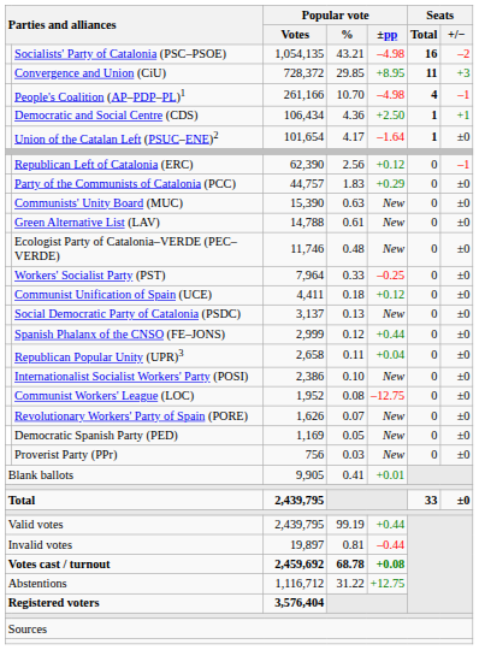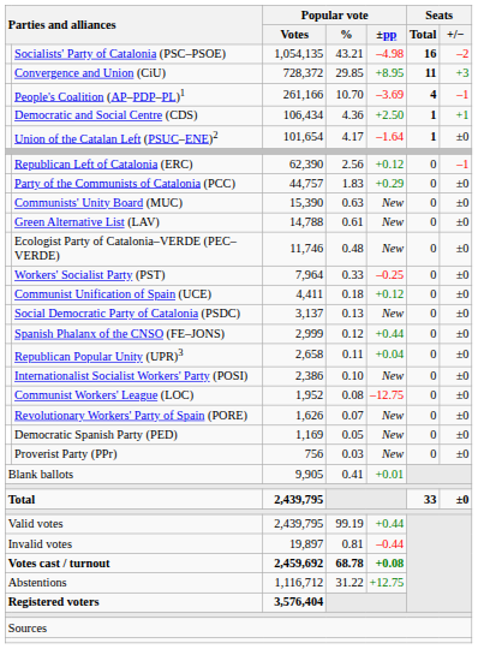 <table class="wikitable" style="text-align:right;">
 <tr>
 <th style="text-align:left;" rowspan="2" colspan="2" width="525">Parties and alliances</th>
 <th colspan="3">Popular vote</th>
 <th colspan="2">Seats</th>
 </tr>
 <tr>
 <th width="75">Votes</th>
 <th width="45">%</th>
 <th width="45">±<a href='#'>pp</a></th>
 <th width="35">Total</th>
 <th width="35">+/−</th>
 </tr>
 <tr>
 <td width="1" style="color:inherit;background:"></td>
 <td align="left"><a href='#'>Socialists' Party of Catalonia</a> (PSC–PSOE)</td>
 <td>1,054,135</td>
 <td>43.21</td>
 <td style="color:red;">–4.98</td>
 <td><strong>16</strong></td>
 <td style="color:red;">–2</td>
 </tr>
 <tr>
 <td style="color:inherit;background:"></td>
 <td align="left"><a href='#'>Convergence and Union</a> (CiU)</td>
 <td>728,372</td>
 <td>29.85</td>
 <td style="color:green;">+8.95</td>
 <td><strong>11</strong></td>
 <td style="color:green;">+3</td>
 </tr>
 <tr>
 <td style="color:inherit;background:"></td>
 <td align="left"><a href='#'>People's Coalition</a> (<a href='#'>AP</a>–<a href='#'>PDP</a>–<a href='#'>PL</a>)<sup>1</sup></td>
 <td>261,166</td>
 <td>10.70</td>
-<td style="color:red;">–4.98</td>
+<td style="color:red;">–3.69</td>
 <td><strong>4</strong></td>
 <td style="color:red;">–1</td>
 </tr>
 <tr>
 <td style="color:inherit;background:"></td>
 <td align="left"><a href='#'>Democratic and Social Centre</a> (CDS)</td>
 <td>106,434</td>
 <td>4.36</td>
 <td style="color:green;">+2.50</td>
 <td><strong>1</strong></td>
 <td style="color:green;">+1</td>
 </tr>
 <tr>
 <td style="color:inherit;background:"></td>
 <td align="left"><a href='#'>Union of the Catalan Left</a> (<a href='#'>PSUC</a>–<a href='#'>ENE</a>)<sup>2</sup></td>
 <td>101,654</td>
 <td>4.17</td>
 <td style="color:red;">–1.64</td>
 <td><strong>1</strong></td>
 <td>±0</td>
 </tr>
 <tr>
 <td colspan="7" bgcolor="#C0C0C0"></td>
 </tr>
 <tr>
 <td style="color:inherit;background:"></td>
 <td align="left"><a href='#'>Republican Left of Catalonia</a> (ERC)</td>
 <td>62,390</td>
 <td>2.56</td>
 <td style="color:green;">+0.12</td>
 <td>0</td>
 <td style="color:red;">–1</td>
 </tr>
 <tr>
 <td style="color:inherit;background:"></td>
 <td align="left"><a href='#'>Party of the Communists of Catalonia</a> (PCC)</td>
 <td>44,757</td>
 <td>1.83</td>
 <td style="color:green;">+0.29</td>
 <td>0</td>
 <td>±0</td>
 </tr>
 <tr>
 <td style="color:inherit;background:"></td>
 <td align="left"><a href='#'>Communists' Unity Board</a> (MUC)</td>
 <td>15,390</td>
 <td>0.63</td>
 <td><em>New</em></td>
 <td>0</td>
 <td>±0</td>
 </tr>
 <tr>
 <td style="color:inherit;background:"></td>
 <td align="left"><a href='#'>Green Alternative List</a> (LAV)</td>
 <td>14,788</td>
 <td>0.61</td>
 <td><em>New</em></td>
 <td>0</td>
 <td>±0</td>
 </tr>
 <tr>
 <td style="color:inherit;background:"></td>
 <td align="left">Ecologist Party of Catalonia–VERDE (PEC–VERDE)</td>
 <td>11,746</td>
 <td>0.48</td>
 <td><em>New</em></td>
 <td>0</td>
 <td>±0</td>
 </tr>
 <tr>
 <td style="color:inherit;background:"></td>
 <td align="left"><a href='#'>Workers' Socialist Party</a> (PST)</td>
 <td>7,964</td>
 <td>0.33</td>
 <td style="color:red;">–0.25</td>
 <td>0</td>
 <td>±0</td>
 </tr>
 <tr>
 <td style="color:inherit;background:"></td>
 <td align="left"><a href='#'>Communist Unification of Spain</a> (UCE)</td>
 <td>4,411</td>
 <td>0.18</td>
 <td style="color:green;">+0.12</td>
 <td>0</td>
 <td>±0</td>
 </tr>
 <tr>
 <td style="color:inherit;background:"></td>
 <td align="left"><a href='#'>Social Democratic Party of Catalonia</a> (PSDC)</td>
 <td>3,137</td>
 <td>0.13</td>
 <td><em>New</em></td>
 <td>0</td>
 <td>±0</td>
 </tr>
 <tr>
 <td style="color:inherit;background:"></td>
 <td align="left"><a href='#'>Spanish Phalanx of the CNSO</a> (FE–JONS)</td>
 <td>2,999</td>
 <td>0.12</td>
 <td style="color:green;">+0.44</td>
 <td>0</td>
 <td>±0</td>
 </tr>
 <tr>
 <td style="color:inherit;background:"></td>
 <td align="left"><a href='#'>Republican Popular Unity</a> (UPR)<sup>3</sup></td>
 <td>2,658</td>
 <td>0.11</td>
 <td style="color:green;">+0.04</td>
 <td>0</td>
 <td>±0</td>
 </tr>
 <tr>
 <td style="color:inherit;background:"></td>
 <td align="left"><a href='#'>Internationalist Socialist Workers' Party</a> (POSI)</td>
 <td>2,386</td>
 <td>0.10</td>
 <td><em>New</em></td>
 <td>0</td>
 <td>±0</td>
 </tr>
 <tr>
 <td style="color:inherit;background:"></td>
 <td align="left"><a href='#'>Communist Workers' League</a> (LOC)</td>
 <td>1,952</td>
 <td>0.08</td>
 <td style="color:red;">–12.75</td>
 <td>0</td>
 <td>±0</td>
 </tr>
 <tr>
 <td style="color:inherit;background:"></td>
 <td align="left"><a href='#'>Revolutionary Workers' Party of Spain</a> (PORE)</td>
 <td>1,626</td>
 <td>0.07</td>
 <td><em>New</em></td>
 <td>0</td>
 <td>±0</td>
 </tr>
 <tr>
 <td bgcolor="white"></td>
 <td align="left">Democratic Spanish Party (PED)</td>
 <td>1,169</td>
 <td>0.05</td>
 <td><em>New</em></td>
 <td>0</td>
 <td>±0</td>
 </tr>
 <tr>
 <td style="color:inherit;background:"></td>
 <td align="left">Proverist Party (PPr)</td>
 <td>756</td>
 <td>0.03</td>
 <td><em>New</em></td>
 <td>0</td>
 <td>±0</td>
 </tr>
 <tr>
 <td align="left" colspan="2">Blank ballots</td>
 <td>9,905</td>
 <td>0.41</td>
 <td style="color:green;">+0.01</td>
 <td bgcolor="#E9E9E9" colspan="2"></td>
 </tr>
 <tr>
 <td colspan="7" bgcolor="#E9E9E9"></td>
 </tr>
 <tr style="font-weight:bold;">
 <td align="left" colspan="2">Total</td>
 <td>2,439,795</td>
 <td bgcolor="#E9E9E9" colspan="2"></td>
 <td>33</td>
 <td>±0</td>
 </tr>
 <tr>
 <td colspan="7" bgcolor="#E9E9E9"></td>
 </tr>
 <tr>
 <td align="left" colspan="2">Valid votes</td>
 <td>2,439,795</td>
 <td>99.19</td>
 <td style="color:green;">+0.44</td>
 <td bgcolor="#E9E9E9" colspan="2" rowspan="5"></td>
 </tr>
 <tr>
 <td align="left" colspan="2">Invalid votes</td>
 <td>19,897</td>
 <td>0.81</td>
 <td style="color:red;">–0.44</td>
 </tr>
 <tr style="font-weight:bold;">
 <td align="left" colspan="2">Votes cast / turnout</td>
 <td>2,459,692</td>
 <td>68.78</td>
 <td style="color:green;">+0.08</td>
 </tr>
 <tr>
 <td align="left" colspan="2">Abstentions</td>
 <td>1,116,712</td>
 <td>31.22</td>
 <td style="color:green;">+12.75</td>
 </tr>
 <tr style="font-weight:bold;">
 <td align="left" colspan="2">Registered voters</td>
 <td>3,576,404</td>
 <td bgcolor="#E9E9E9" colspan="2"></td>
 </tr>
 <tr>
 <td colspan="7" bgcolor="#E9E9E9"></td>
 </tr>
 <tr>
 <td align="left" colspan="7">Sources</td>
 </tr>
 <tr>
 <td colspan="7" style="text-align:left; max-width:790px;"></td>
 </tr>
 </table>
